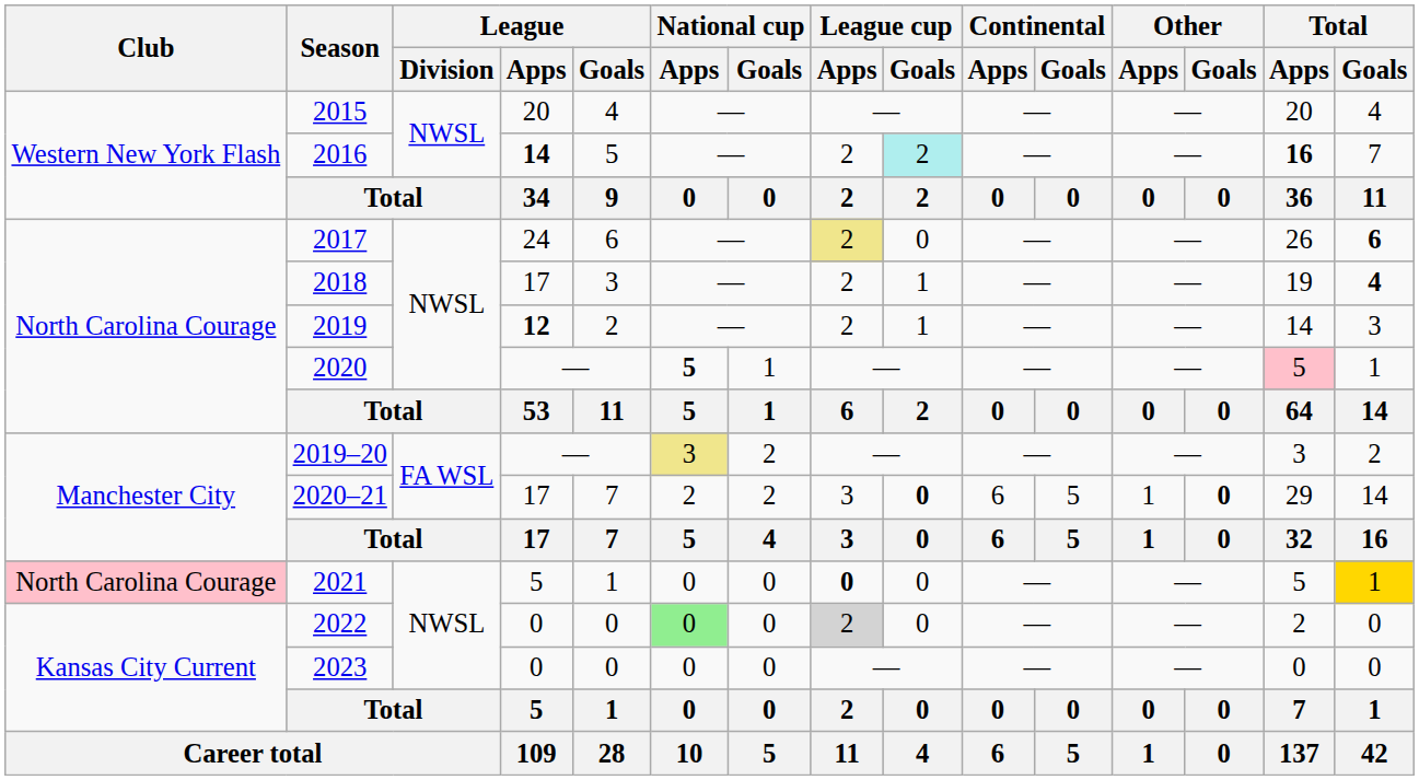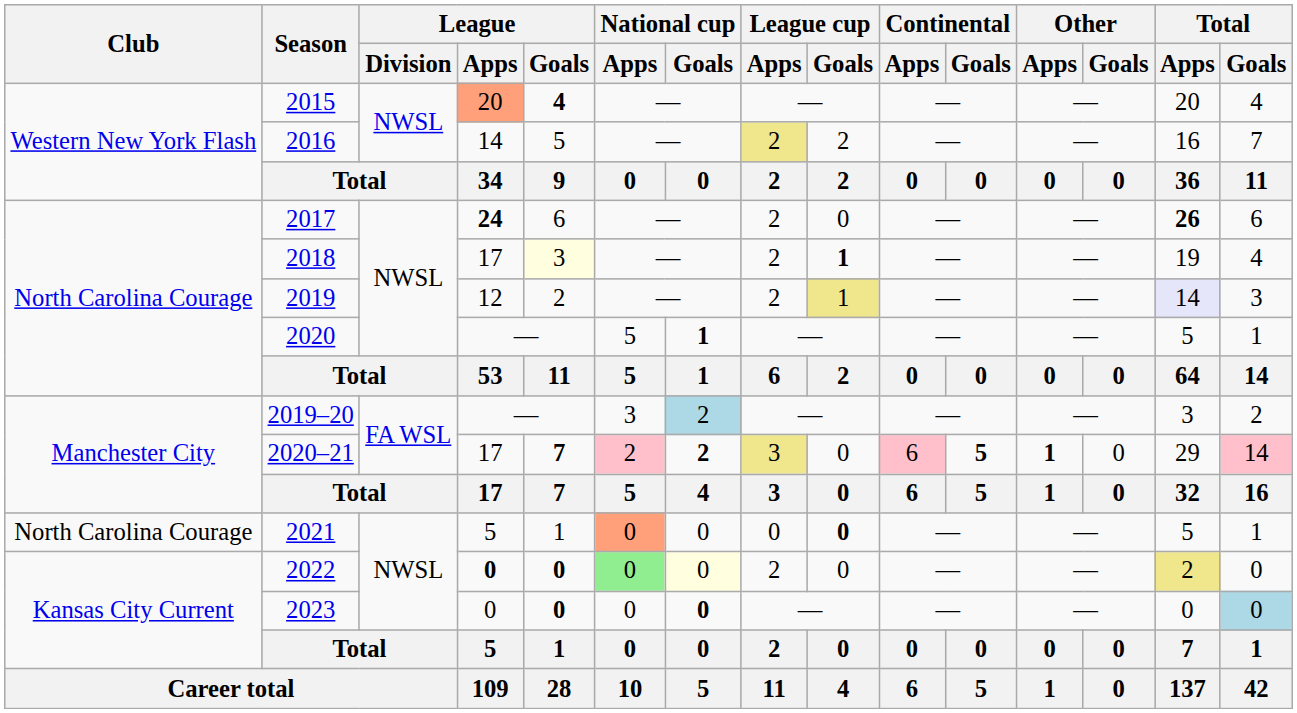 <table class="wikitable" style="text-align:center">
 <tr>
 <th rowspan="2">Club</th>
 <th rowspan="2">Season</th>
 <th colspan="3">League</th>
 <th colspan="2">National cup</th>
 <th colspan="2">League cup</th>
 <th colspan="2">Continental</th>
 <th colspan="2">Other</th>
 <th colspan="2">Total</th>
 </tr>
 <tr>
 <th>Division</th>
 <th>Apps</th>
 <th>Goals</th>
 <th>Apps</th>
 <th>Goals</th>
 <th>Apps</th>
 <th>Goals</th>
 <th>Apps</th>
 <th>Goals</th>
 <th>Apps</th>
 <th>Goals</th>
 <th>Apps</th>
 <th>Goals</th>
 </tr>
 <tr>
 <td rowspan="3"><a href='#'>Western New York Flash</a></td>
 <td><a href='#'>2015</a></td>
 <td rowspan="2"><a href='#'>NWSL</a></td>
-<td>20</td>
-<td>4</td>
+<td style="background: lightsalmon;">20</td>
+<td><strong>4</strong></td>
 <td colspan="2">—</td>
 <td colspan="2">—</td>
 <td colspan="2">—</td>
 <td colspan="2">—</td>
 <td>20</td>
 <td>4</td>
 </tr>
 <tr>
 <td><a href='#'>2016</a></td>
-<td><strong>14</strong></td>
+<td>14</td>
 <td>5</td>
 <td colspan="2">—</td>
+<td style="background: khaki;">2</td>
 <td>2</td>
-<td style="background: paleturquoise;">2</td>
 <td colspan="2">—</td>
 <td colspan="2">—</td>
-<td><strong>16</strong></td>
+<td>16</td>
 <td>7</td>
 </tr>
 <tr>
 <th colspan="2">Total</th>
 <th>34</th>
 <th>9</th>
 <th>0</th>
 <th>0</th>
 <th>2</th>
 <th>2</th>
 <th>0</th>
 <th>0</th>
 <th>0</th>
 <th>0</th>
 <th>36</th>
 <th>11</th>
 </tr>
 <tr>
 <td rowspan="5"><a href='#'>North Carolina Courage</a></td>
 <td><a href='#'>2017</a></td>
 <td rowspan="4">NWSL</td>
-<td>24</td>
+<td><strong>24</strong></td>
 <td>6</td>
 <td colspan="2">—</td>
-<td style="background: khaki;">2</td>
+<td>2</td>
 <td>0</td>
 <td colspan="2">—</td>
 <td colspan="2">—</td>
-<td>26</td>
-<td><strong>6</strong></td>
+<td><strong>26</strong></td>
+<td>6</td>
 </tr>
 <tr>
 <td><a href='#'>2018</a></td>
 <td>17</td>
-<td>3</td>
+<td style="background: lightyellow;">3</td>
 <td colspan="2">—</td>
 <td>2</td>
-<td>1</td>
+<td><strong>1</strong></td>
 <td colspan="2">—</td>
 <td colspan="2">—</td>
 <td>19</td>
-<td><strong>4</strong></td>
+<td>4</td>
 </tr>
 <tr>
 <td><a href='#'>2019</a></td>
-<td><strong>12</strong></td>
+<td>12</td>
 <td>2</td>
 <td colspan="2">—</td>
 <td>2</td>
-<td>1</td>
+<td style="background: khaki;">1</td>
 <td colspan="2">—</td>
 <td colspan="2">—</td>
-<td>14</td>
+<td style="background: lavender;">14</td>
 <td>3</td>
 </tr>
 <tr>
 <td><a href='#'>2020</a></td>
 <td colspan="2">—</td>
-<td><strong>5</strong></td>
-<td>1</td>
+<td>5</td>
+<td><strong>1</strong></td>
 <td colspan="2">—</td>
 <td colspan="2">—</td>
 <td colspan="2">—</td>
-<td style="background: pink;">5</td>
+<td>5</td>
 <td>1</td>
 </tr>
 <tr>
 <th colspan="2">Total</th>
 <th>53</th>
 <th>11</th>
 <th>5</th>
 <th>1</th>
 <th>6</th>
 <th>2</th>
 <th>0</th>
 <th>0</th>
 <th>0</th>
 <th>0</th>
 <th>64</th>
 <th>14</th>
 </tr>
 <tr>
 <td rowspan="3"><a href='#'>Manchester City</a></td>
 <td><a href='#'>2019–20</a></td>
 <td rowspan="2"><a href='#'>FA WSL</a></td>
 <td colspan="2">—</td>
-<td style="background: khaki;">3</td>
-<td>2</td>
+<td>3</td>
+<td style="background: lightblue;">2</td>
 <td colspan="2">—</td>
 <td colspan="2">—</td>
 <td colspan="2">—</td>
 <td>3</td>
 <td>2</td>
 </tr>
 <tr>
 <td><a href='#'>2020–21</a></td>
 <td>17</td>
-<td>7</td>
-<td>2</td>
-<td>2</td>
-<td>3</td>
-<td><strong>0</strong></td>
-<td>6</td>
-<td>5</td>
-<td>1</td>
-<td><strong>0</strong></td>
+<td><strong>7</strong></td>
+<td style="background: pink;">2</td>
+<td><strong>2</strong></td>
+<td style="background: khaki;">3</td>
+<td>0</td>
+<td style="background: pink;">6</td>
+<td><strong>5</strong></td>
+<td><strong>1</strong></td>
+<td>0</td>
 <td>29</td>
-<td>14</td>
+<td style="background: pink;">14</td>
 </tr>
 <tr>
 <th colspan="2">Total</th>
 <th>17</th>
 <th>7</th>
 <th>5</th>
 <th>4</th>
 <th>3</th>
 <th>0</th>
 <th>6</th>
 <th>5</th>
 <th>1</th>
 <th>0</th>
 <th>32</th>
 <th>16</th>
 </tr>
 <tr>
-<td style="background: pink;">North Carolina Courage</td>
+<td>North Carolina Courage</td>
 <td><a href='#'>2021</a></td>
 <td rowspan="3">NWSL</td>
 <td>5</td>
 <td>1</td>
+<td style="background: lightsalmon;">0</td>
 <td>0</td>
 <td>0</td>
 <td><strong>0</strong></td>
-<td>0</td>
 <td colspan="2">—</td>
 <td colspan="2">—</td>
 <td>5</td>
-<td style="background: gold;">1</td>
+<td>1</td>
 </tr>
 <tr>
 <td rowspan="3"><a href='#'>Kansas City Current</a></td>
 <td><a href='#'>2022</a></td>
-<td>0</td>
-<td>0</td>
+<td><strong>0</strong></td>
+<td><strong>0</strong></td>
 <td style="background: lightgreen;">0</td>
-<td>0</td>
-<td style="background: lightgrey;">2</td>
+<td style="background: lightyellow;">0</td>
+<td>2</td>
 <td>0</td>
 <td colspan="2">—</td>
 <td colspan="2">—</td>
-<td>2</td>
+<td style="background: khaki;">2</td>
 <td>0</td>
 </tr>
 <tr>
 <td><a href='#'>2023</a></td>
 <td>0</td>
+<td><strong>0</strong></td>
 <td>0</td>
-<td>0</td>
-<td>0</td>
+<td><strong>0</strong></td>
 <td colspan="2">—</td>
 <td colspan="2">—</td>
 <td colspan="2">—</td>
 <td>0</td>
-<td>0</td>
+<td style="background: lightblue;">0</td>
 </tr>
 <tr>
 <th colspan="2">Total</th>
 <th>5</th>
 <th>1</th>
 <th>0</th>
 <th>0</th>
 <th>2</th>
 <th>0</th>
 <th>0</th>
 <th>0</th>
 <th>0</th>
 <th>0</th>
 <th>7</th>
 <th>1</th>
 </tr>
 <tr>
 <th colspan="3">Career total</th>
 <th>109</th>
 <th>28</th>
 <th>10</th>
 <th>5</th>
 <th>11</th>
 <th>4</th>
 <th>6</th>
 <th>5</th>
 <th>1</th>
 <th>0</th>
 <th>137</th>
 <th>42</th>
 </tr>
 </table>
